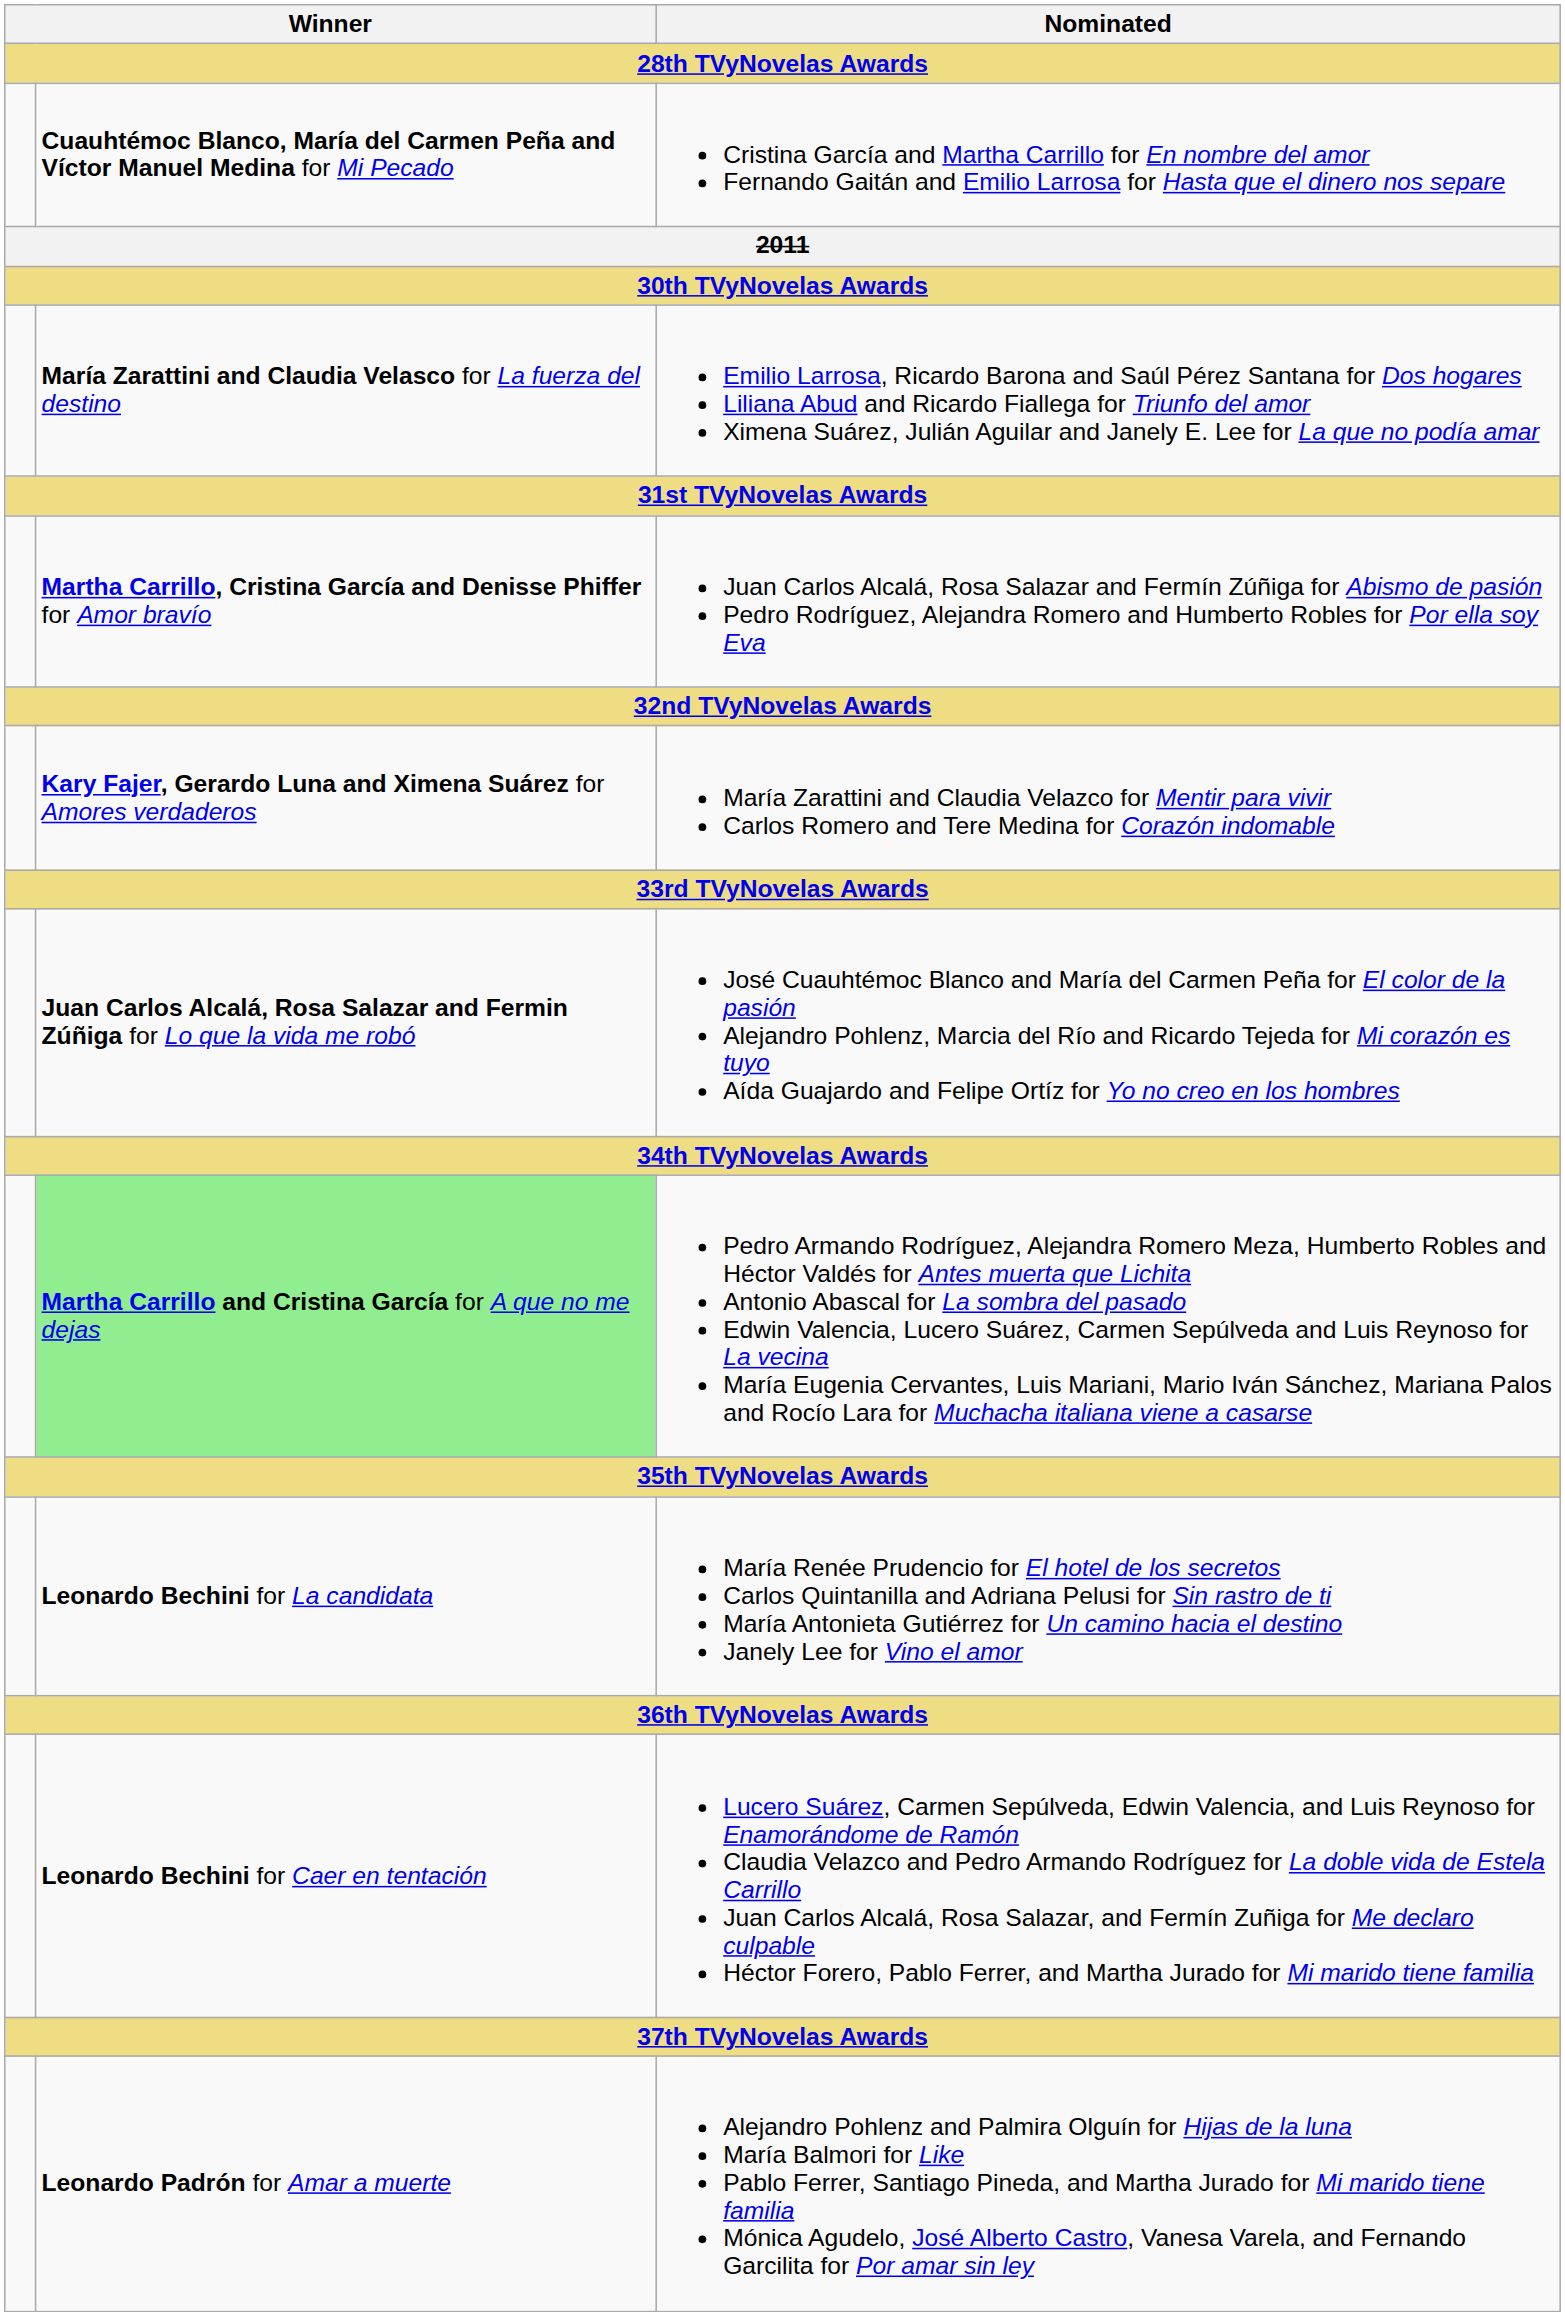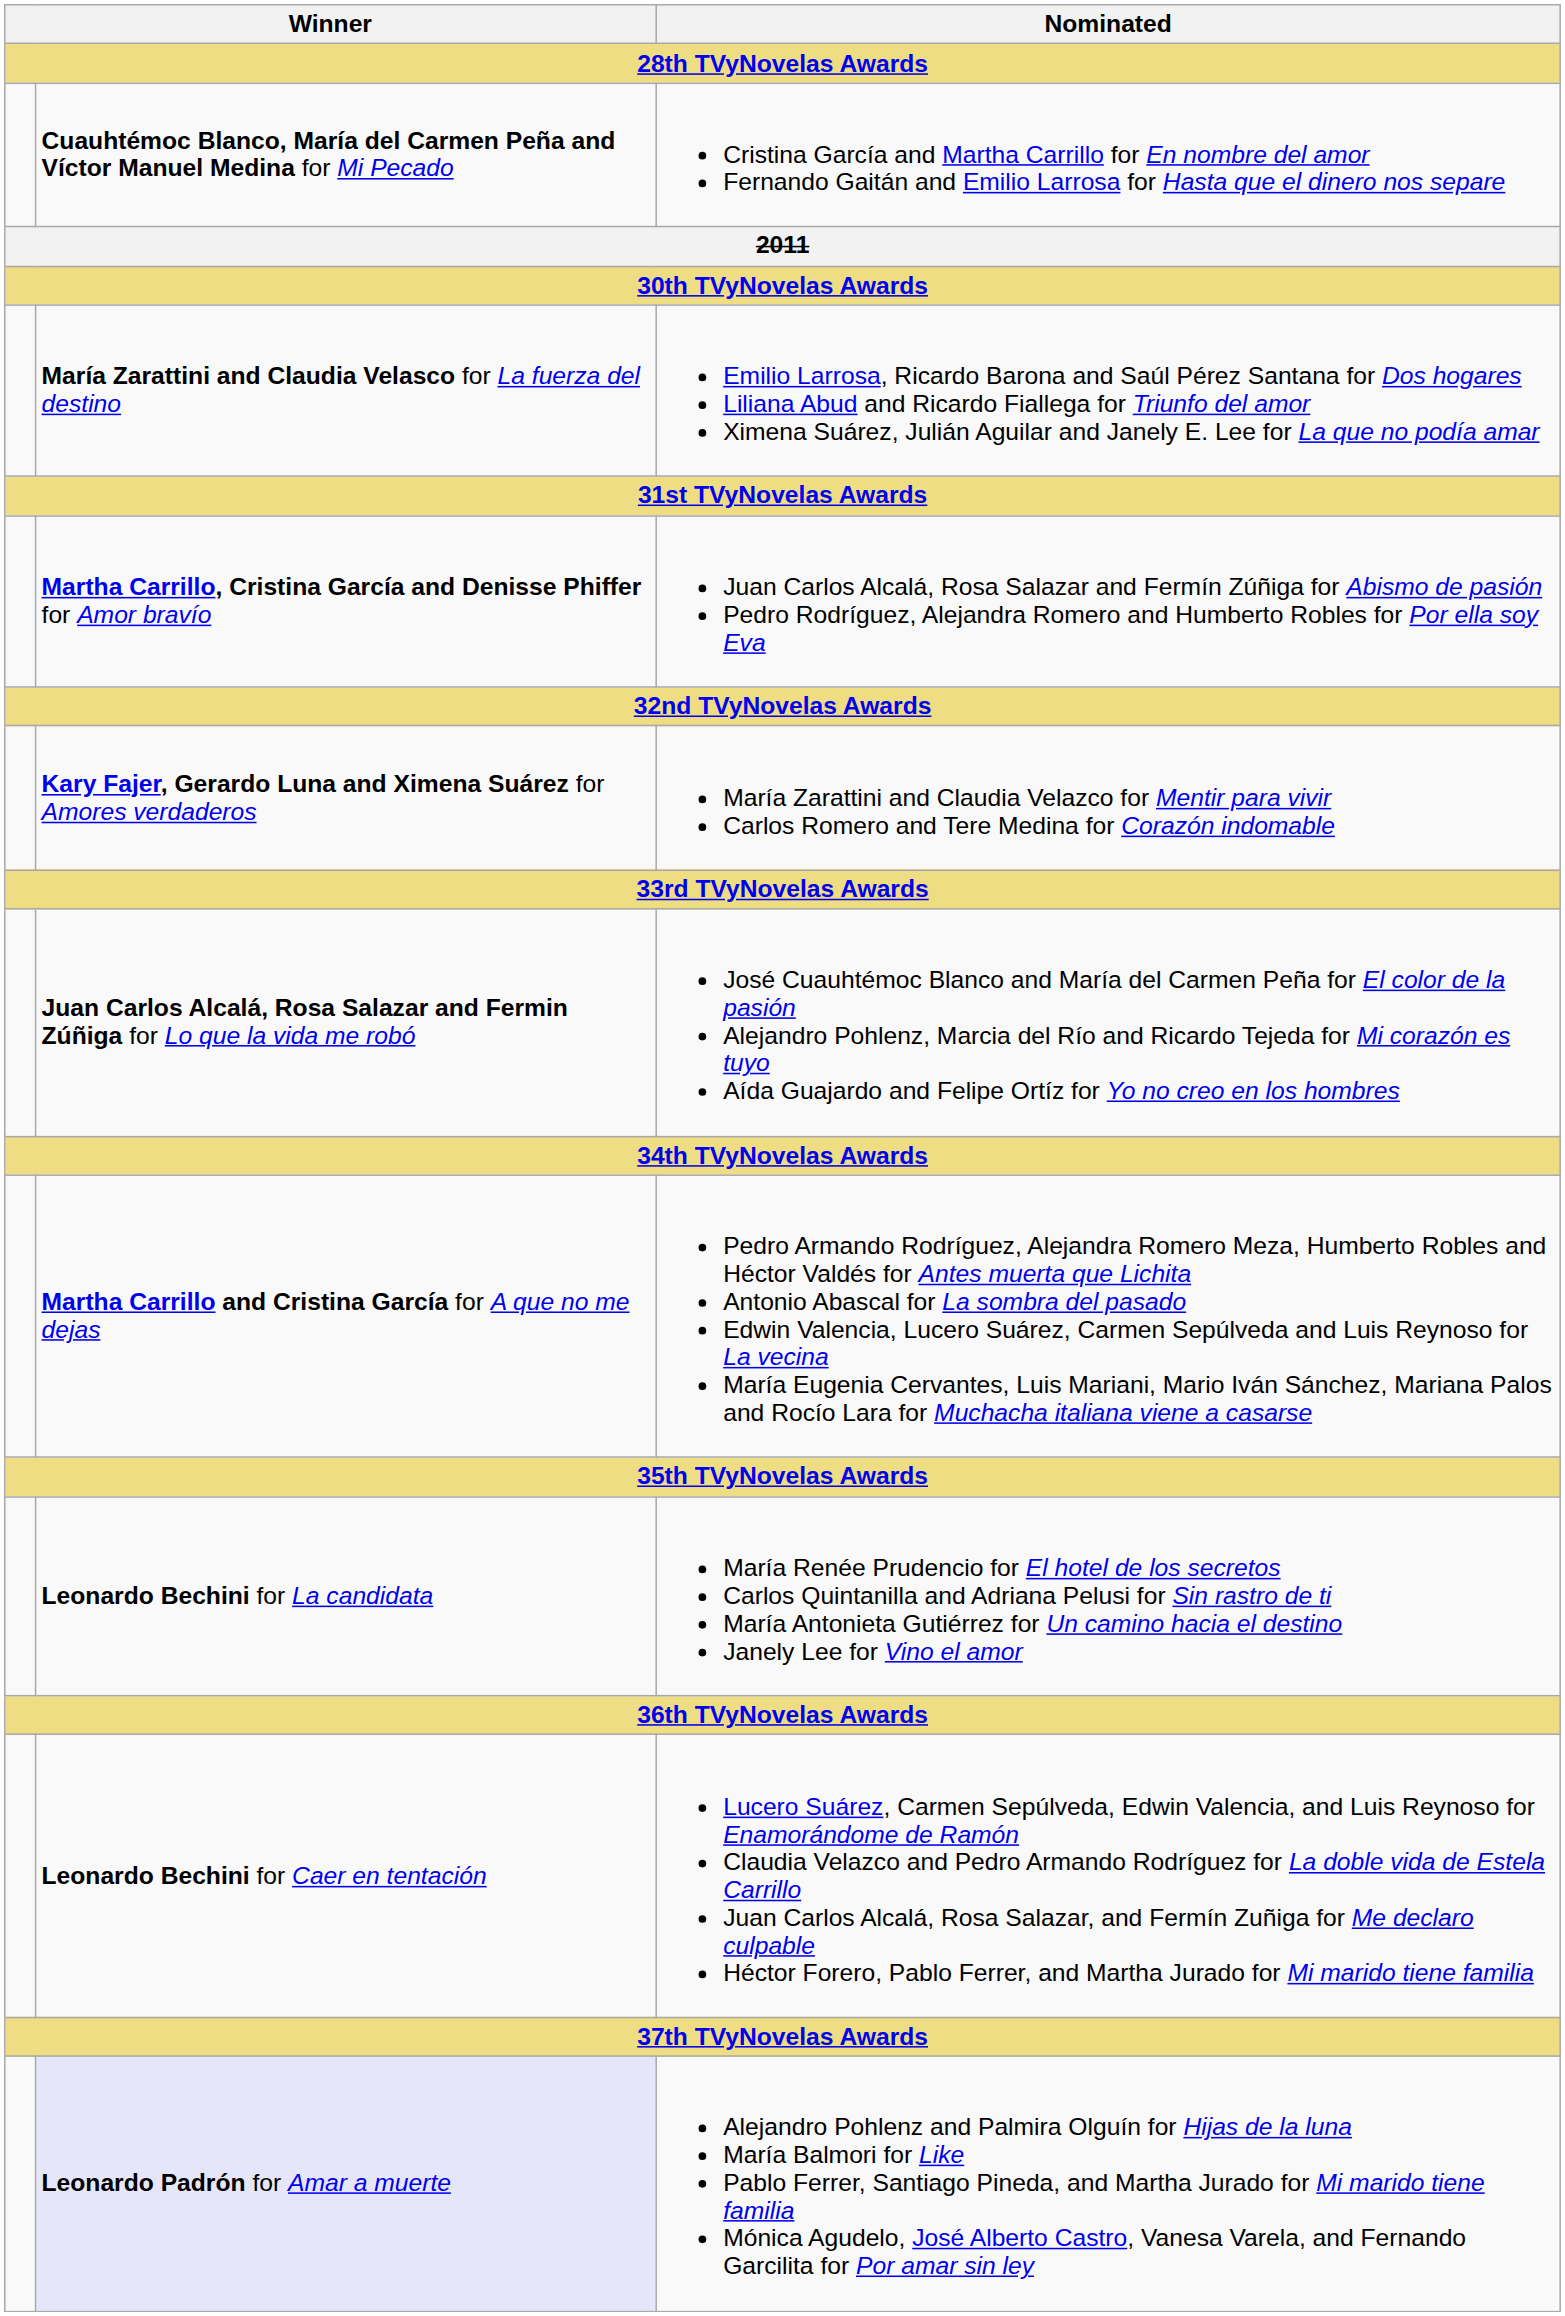 <table class="wikitable" width=80%>
 <tr align=center>
 <th width="150px;" colspan=2; align="center">Winner</th>
 <th width="580px;" align="center">Nominated</th>
 </tr>
 <tr>
 <th colspan=9 style="background:#EEDD82;"  align="center"><strong><a href='#'>28th TVyNovelas Awards</a></strong></th>
 </tr>
 <tr>
 <td width=2%></td>
 <td><strong>Cuauhtémoc Blanco, María del Carmen Peña and Víctor Manuel Medina</strong> for <em><a href='#'>Mi Pecado</a></em></td>
 <td><br><ul><li>Cristina García and <a href='#'>Martha Carrillo</a> for <em><a href='#'>En nombre del amor</a></em></li><li>Fernando Gaitán and <a href='#'>Emilio Larrosa</a> for <em><a href='#'>Hasta que el dinero nos separe</a></em></li></ul></td>
 </tr>
 <tr>
 <th colspan=9 align="center"><s>2011</s></th>
 </tr>
 <tr>
 <th colspan=9 style="background:#EEDD82;"  align="center"><strong><a href='#'>30th TVyNovelas Awards</a></strong></th>
 </tr>
 <tr>
 <td width=2%></td>
 <td><strong>María Zarattini and Claudia Velasco</strong> for <em><a href='#'>La fuerza del destino</a></em></td>
 <td><br><ul><li><a href='#'>Emilio Larrosa</a>, Ricardo Barona and Saúl Pérez Santana for <em><a href='#'>Dos hogares</a></em></li><li><a href='#'>Liliana Abud</a> and Ricardo Fiallega for <em><a href='#'>Triunfo del amor</a></em></li><li>Ximena Suárez, Julián Aguilar and Janely E. Lee for <em><a href='#'>La que no podía amar</a></em></li></ul></td>
 </tr>
 <tr>
 <th colspan=9 style="background:#EEDD82;"  align="center"><strong><a href='#'>31st TVyNovelas Awards</a></strong></th>
 </tr>
 <tr>
 <td width=2%></td>
 <td><strong><a href='#'>Martha Carrillo</a>, Cristina García and Denisse Phiffer</strong> for <em><a href='#'>Amor bravío</a></em></td>
 <td><br><ul><li>Juan Carlos Alcalá, Rosa Salazar and Fermín Zúñiga for <em><a href='#'>Abismo de pasión</a></em></li><li>Pedro Rodríguez, Alejandra Romero and Humberto Robles for <em><a href='#'>Por ella soy Eva</a></em></li></ul></td>
 </tr>
 <tr>
 <th colspan=9 style="background:#EEDD82;"  align="center"><strong><a href='#'>32nd TVyNovelas Awards</a></strong></th>
 </tr>
 <tr>
 <td width=2%></td>
 <td><strong><a href='#'>Kary Fajer</a>, Gerardo Luna and Ximena Suárez</strong> for <em><a href='#'>Amores verdaderos</a></em></td>
 <td><br><ul><li>María Zarattini and Claudia Velazco for <em><a href='#'>Mentir para vivir</a></em></li><li>Carlos Romero and Tere Medina for <em><a href='#'>Corazón indomable</a></em></li></ul></td>
 </tr>
 <tr>
 <th colspan=9 style="background:#EEDD82;"  align="center"><strong><a href='#'>33rd TVyNovelas Awards</a></strong></th>
 </tr>
 <tr>
 <td width=2%></td>
 <td><strong>Juan Carlos Alcalá, Rosa Salazar and Fermin Zúñiga</strong> for <em><a href='#'>Lo que la vida me robó</a></em></td>
 <td><br><ul><li>José Cuauhtémoc Blanco and María del Carmen Peña for <em><a href='#'>El color de la pasión</a></em></li><li>Alejandro Pohlenz, Marcia del Río and Ricardo Tejeda for <em><a href='#'>Mi corazón es tuyo</a></em></li><li>Aída Guajardo and Felipe Ortíz for <em><a href='#'>Yo no creo en los hombres</a></em></li></ul></td>
 </tr>
 <tr>
 <th colspan=9 style="background:#EEDD82;"  align="center"><strong><a href='#'>34th TVyNovelas Awards</a></strong></th>
 </tr>
 <tr>
 <td width=2%></td>
-<td style="background: lightgreen;"><strong><a href='#'>Martha Carrillo</a> and Cristina García</strong> for <em><a href='#'>A que no me dejas</a></em></td>
+<td><strong><a href='#'>Martha Carrillo</a> and Cristina García</strong> for <em><a href='#'>A que no me dejas</a></em></td>
 <td><br><ul><li>Pedro Armando Rodríguez, Alejandra Romero Meza, Humberto Robles and Héctor Valdés for <em><a href='#'>Antes muerta que Lichita</a></em></li><li>Antonio Abascal for <em><a href='#'>La sombra del pasado</a></em></li><li>Edwin Valencia, Lucero Suárez, Carmen Sepúlveda and Luis Reynoso for <em><a href='#'>La vecina</a></em></li><li>María Eugenia Cervantes, Luis Mariani, Mario Iván Sánchez, Mariana Palos and Rocío Lara for <em><a href='#'>Muchacha italiana viene a casarse</a></em></li></ul></td>
 </tr>
 <tr>
 <th colspan=9 style="background:#EEDD82;"  align="center"><strong><a href='#'>35th TVyNovelas Awards</a></strong></th>
 </tr>
 <tr>
 <td width=2%></td>
 <td><strong>Leonardo Bechini</strong> for <em><a href='#'>La candidata</a></em></td>
 <td><br><ul><li>María Renée Prudencio for <em><a href='#'>El hotel de los secretos</a></em></li><li>Carlos Quintanilla and Adriana Pelusi for <em><a href='#'>Sin rastro de ti</a></em></li><li>María Antonieta Gutiérrez for <em><a href='#'>Un camino hacia el destino</a></em></li><li>Janely Lee for <em><a href='#'>Vino el amor</a></em></li></ul></td>
 </tr>
 <tr>
 <th colspan=9 style="background:#EEDD82;"  align="center"><strong><a href='#'>36th TVyNovelas Awards</a></strong></th>
 </tr>
 <tr>
 <td width=2%></td>
 <td><strong>Leonardo Bechini</strong> for <em><a href='#'>Caer en tentación</a></em></td>
 <td><br><ul><li><a href='#'>Lucero Suárez</a>, Carmen Sepúlveda, Edwin Valencia, and Luis Reynoso for <em><a href='#'>Enamorándome de Ramón</a></em></li><li>Claudia Velazco and Pedro Armando Rodríguez for  <em><a href='#'>La doble vida de Estela Carrillo</a></em></li><li>Juan Carlos Alcalá, Rosa Salazar, and Fermín Zuñiga for <em><a href='#'>Me declaro culpable</a></em></li><li>Héctor Forero, Pablo Ferrer, and Martha Jurado for <em><a href='#'>Mi marido tiene familia</a></em></li></ul></td>
 </tr>
 <tr>
 <th colspan=9 style="background:#EEDD82;"  align="center"><strong><a href='#'>37th TVyNovelas Awards</a></strong></th>
 </tr>
 <tr>
 <td width=2%></td>
-<td><strong>Leonardo Padrón</strong> for <em><a href='#'>Amar a muerte</a></em></td>
+<td style="background: lavender;"><strong>Leonardo Padrón</strong> for <em><a href='#'>Amar a muerte</a></em></td>
 <td><br><ul><li>Alejandro Pohlenz and Palmira Olguín for <em><a href='#'>Hijas de la luna</a></em></li><li>María Balmori for <em><a href='#'>Like</a></em></li><li>Pablo Ferrer, Santiago Pineda, and Martha Jurado for <em><a href='#'>Mi marido tiene familia</a></em></li><li>Mónica Agudelo, <a href='#'>José Alberto Castro</a>, Vanesa Varela, and Fernando Garcilita for <em><a href='#'>Por amar sin ley</a></em></li></ul></td>
 </tr>
 <tr>
 </tr>
 </table>
